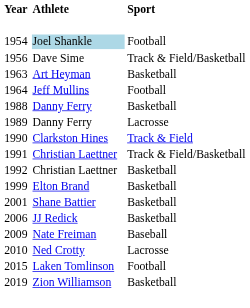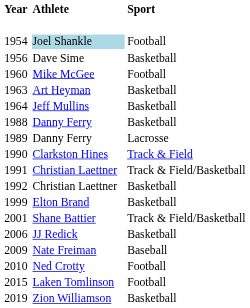 <table class="toccolours" style="float: center; margin-right: 1em;" width="350px">
 <tr>
 <th colspan="3" style="text-align: center; "></th>
 </tr>
 <tr>
 <td><strong>Year</strong></td>
 <td><strong>Athlete</strong></td>
 <td><strong>Sport</strong></td>
 </tr>
 <tr>
 <td colspan="3"><br></td>
 </tr>
 <tr>
 <td>1954</td>
 <td style="background: lightblue;">Joel Shankle</td>
 <td>Football</td>
 </tr>
 <tr>
 <td>1956</td>
 <td>Dave Sime</td>
-<td>Track & Field/Basketball</td>
+<td>Basketball</td>
+</tr>
+<tr>
+<td>1960</td>
+<td><a href='#'>Mike McGee</a></td>
+<td>Football</td>
 </tr>
 <tr>
 <td>1963</td>
 <td><a href='#'>Art Heyman</a></td>
 <td>Basketball</td>
 </tr>
 <tr>
 <td>1964</td>
 <td><a href='#'>Jeff Mullins</a></td>
-<td>Football</td>
+<td>Basketball</td>
 </tr>
 <tr>
 <td>1988</td>
 <td><a href='#'>Danny Ferry</a></td>
 <td>Basketball</td>
 </tr>
 <tr>
 <td>1989</td>
 <td>Danny Ferry</td>
 <td>Lacrosse</td>
 </tr>
 <tr>
 <td>1990</td>
 <td><a href='#'>Clarkston Hines</a></td>
 <td><a href='#'>Track & Field</a></td>
 </tr>
 <tr>
 <td>1991</td>
 <td><a href='#'>Christian Laettner</a></td>
 <td>Track & Field/Basketball</td>
 </tr>
 <tr>
 <td>1992</td>
 <td>Christian Laettner</td>
 <td>Basketball</td>
 </tr>
 <tr>
 <td>1999</td>
 <td><a href='#'>Elton Brand</a></td>
 <td>Basketball</td>
 </tr>
 <tr>
 <td>2001</td>
 <td><a href='#'>Shane Battier</a></td>
-<td>Basketball</td>
+<td>Track & Field/Basketball</td>
 </tr>
 <tr>
 <td>2006</td>
 <td><a href='#'>JJ Redick</a></td>
 <td>Basketball</td>
 </tr>
 <tr>
 <td>2009</td>
 <td><a href='#'>Nate Freiman</a></td>
 <td>Baseball</td>
 </tr>
 <tr>
 <td>2010</td>
 <td><a href='#'>Ned Crotty</a></td>
-<td>Lacrosse</td>
+<td>Football</td>
 </tr>
 <tr>
 <td>2015</td>
 <td><a href='#'>Laken Tomlinson</a></td>
 <td>Football</td>
 </tr>
 <tr>
 <td>2019</td>
 <td><a href='#'>Zion Williamson</a></td>
 <td>Basketball</td>
 </tr>
 </table>
